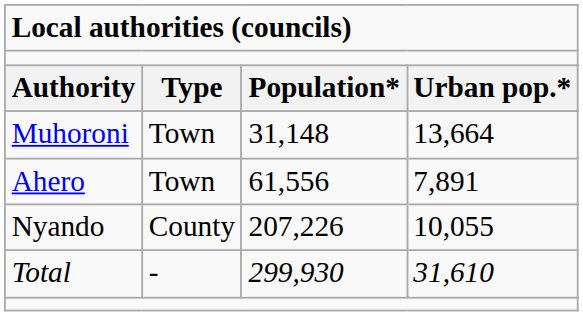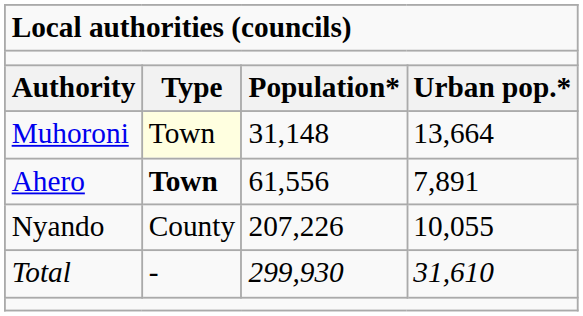 <table class="wikitable">
 <tr>
 <td colspan="4"><strong>Local authorities (councils)</strong></td>
 </tr>
 <tr>
 <td colspan="4"></td>
 </tr>
 <tr>
 <th>Authority</th>
 <th>Type</th>
 <th>Population*</th>
 <th>Urban pop.*</th>
 </tr>
 <tr>
 <td><a href='#'>Muhoroni</a></td>
-<td>Town</td>
+<td style="background: lightyellow;">Town</td>
 <td>31,148</td>
 <td>13,664</td>
 </tr>
 <tr>
 <td><a href='#'>Ahero</a></td>
-<td>Town</td>
+<td><strong>Town</strong></td>
 <td>61,556</td>
 <td>7,891</td>
 </tr>
 <tr>
 <td>Nyando</td>
 <td>County</td>
 <td>207,226</td>
 <td>10,055</td>
 </tr>
 <tr>
 <td><em>Total</em></td>
 <td>-</td>
 <td><em>299,930</em></td>
 <td><em>31,610</em></td>
 </tr>
 <tr>
 <td colspan="4"></td>
 </tr>
 </table>
